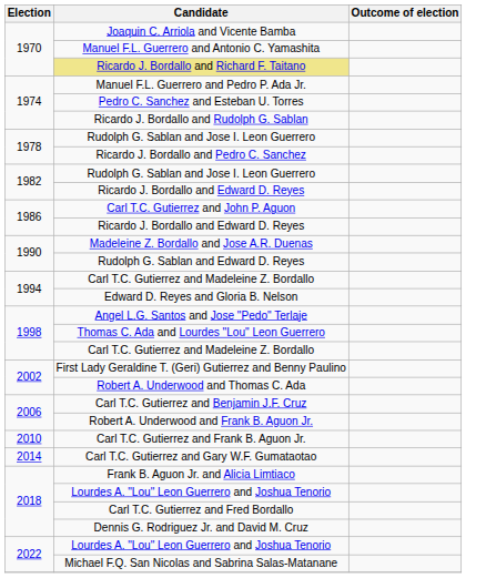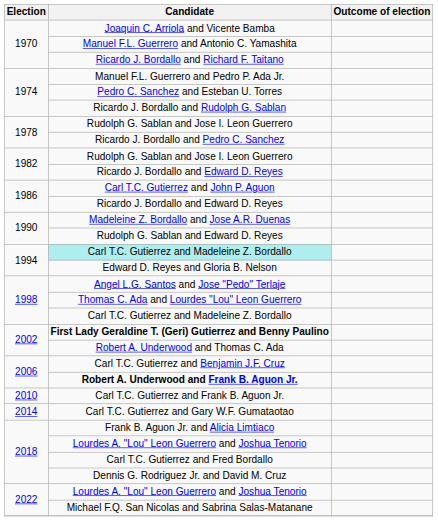 <table class="sortable wikitable" style="text-align:center">
 <tr>
 <th>Election</th>
 <th>Candidate</th>
 <th>Outcome of election</th>
 </tr>
 <tr>
 <td rowspan="3">1970</td>
 <td><a href='#'>Joaquin C. Arriola</a> and Vicente Bamba</td>
 <td></td>
 </tr>
 <tr>
 <td><a href='#'>Manuel F.L. Guerrero</a> and Antonio C. Yamashita</td>
 <td></td>
 </tr>
 <tr>
-<td style="background: khaki;"><a href='#'>Ricardo J. Bordallo</a> and <a href='#'>Richard F. Taitano</a></td>
+<td><a href='#'>Ricardo J. Bordallo</a> and <a href='#'>Richard F. Taitano</a></td>
 <td></td>
 </tr>
 <tr>
 <td rowspan="3">1974</td>
 <td>Manuel F.L. Guerrero and Pedro P. Ada Jr.</td>
 <td></td>
 </tr>
 <tr>
 <td><a href='#'>Pedro C. Sanchez</a> and Esteban U. Torres</td>
 <td></td>
 </tr>
 <tr>
 <td>Ricardo J. Bordallo and <a href='#'>Rudolph G. Sablan</a></td>
 <td></td>
 </tr>
 <tr>
 <td rowspan="2">1978</td>
 <td>Rudolph G. Sablan and Jose I. Leon Guerrero</td>
 <td></td>
 </tr>
 <tr>
 <td>Ricardo J. Bordallo and <a href='#'>Pedro C. Sanchez</a></td>
 <td></td>
 </tr>
 <tr>
 <td rowspan="2">1982</td>
 <td>Rudolph G. Sablan and Jose I. Leon Guerrero</td>
 <td></td>
 </tr>
 <tr>
 <td>Ricardo J. Bordallo and <a href='#'>Edward D. Reyes</a></td>
 <td></td>
 </tr>
 <tr>
 <td rowspan="2">1986</td>
 <td><a href='#'>Carl T.C. Gutierrez</a> and <a href='#'>John P. Aguon</a></td>
 <td></td>
 </tr>
 <tr>
 <td>Ricardo J. Bordallo and Edward D. Reyes</td>
 <td></td>
 </tr>
 <tr>
 <td rowspan="2">1990</td>
 <td><a href='#'>Madeleine Z. Bordallo</a> and <a href='#'>Jose A.R. Duenas</a></td>
 <td></td>
 </tr>
 <tr>
 <td>Rudolph G. Sablan and Edward D. Reyes</td>
 <td></td>
 </tr>
 <tr>
 <td rowspan="2">1994</td>
-<td>Carl T.C. Gutierrez and Madeleine Z. Bordallo</td>
+<td style="background: paleturquoise;">Carl T.C. Gutierrez and Madeleine Z. Bordallo</td>
 <td></td>
 </tr>
 <tr>
 <td>Edward D. Reyes and Gloria B. Nelson</td>
 <td></td>
 </tr>
 <tr |->
 <td rowspan="3"><a href='#'>1998</a></td>
 <td><a href='#'>Angel L.G. Santos</a> and <a href='#'>Jose "Pedo" Terlaje</a></td>
 <td></td>
 </tr>
 <tr>
 <td><a href='#'>Thomas C. Ada</a> and <a href='#'>Lourdes "Lou" Leon Guerrero</a></td>
 <td></td>
 </tr>
 <tr>
 <td>Carl T.C. Gutierrez and Madeleine Z. Bordallo</td>
 <td></td>
 </tr>
 <tr>
 <td rowspan="2"><a href='#'>2002</a></td>
-<td>First Lady Geraldine T. (Geri) Gutierrez and Benny Paulino</td>
+<td><strong>First Lady Geraldine T. (Geri) Gutierrez and Benny Paulino</strong></td>
 <td></td>
 </tr>
 <tr>
 <td><a href='#'>Robert A. Underwood</a> and Thomas C. Ada</td>
 <td></td>
 </tr>
 <tr>
 <td rowspan="2"><a href='#'>2006</a></td>
 <td>Carl T.C. Gutierrez and <a href='#'>Benjamin J.F. Cruz</a></td>
 <td></td>
 </tr>
 <tr>
-<td>Robert A. Underwood and <a href='#'>Frank B. Aguon Jr.</a></td>
+<td><strong>Robert A. Underwood and <a href='#'>Frank B. Aguon Jr.</a></strong></td>
 <td></td>
 </tr>
 <tr>
 <td><a href='#'>2010</a></td>
 <td>Carl T.C. Gutierrez and Frank B. Aguon Jr.</td>
 <td></td>
 </tr>
 <tr>
 <td><a href='#'>2014</a></td>
 <td>Carl T.C. Gutierrez and Gary W.F. Gumataotao</td>
 <td></td>
 </tr>
 <tr>
 <td rowspan="4"><a href='#'>2018</a></td>
 <td>Frank B. Aguon Jr. and <a href='#'>Alicia Limtiaco</a></td>
 <td></td>
 </tr>
 <tr>
 <td><a href='#'>Lourdes A. "Lou" Leon Guerrero</a> and <a href='#'>Joshua Tenorio</a></td>
 <td></td>
 </tr>
 <tr>
 <td>Carl T.C. Gutierrez and Fred Bordallo</td>
 <td></td>
 </tr>
 <tr>
 <td>Dennis G. Rodriguez Jr. and David M. Cruz</td>
 <td></td>
 </tr>
 <tr>
 <td rowspan="2"><a href='#'>2022</a></td>
 <td><a href='#'>Lourdes A. "Lou" Leon Guerrero</a> and <a href='#'>Joshua Tenorio</a></td>
 <td></td>
 </tr>
 <tr>
 <td>Michael F.Q. San Nicolas and Sabrina Salas-Matanane</td>
 <td></td>
 </tr>
 <tr>
 </tr>
 </table>
